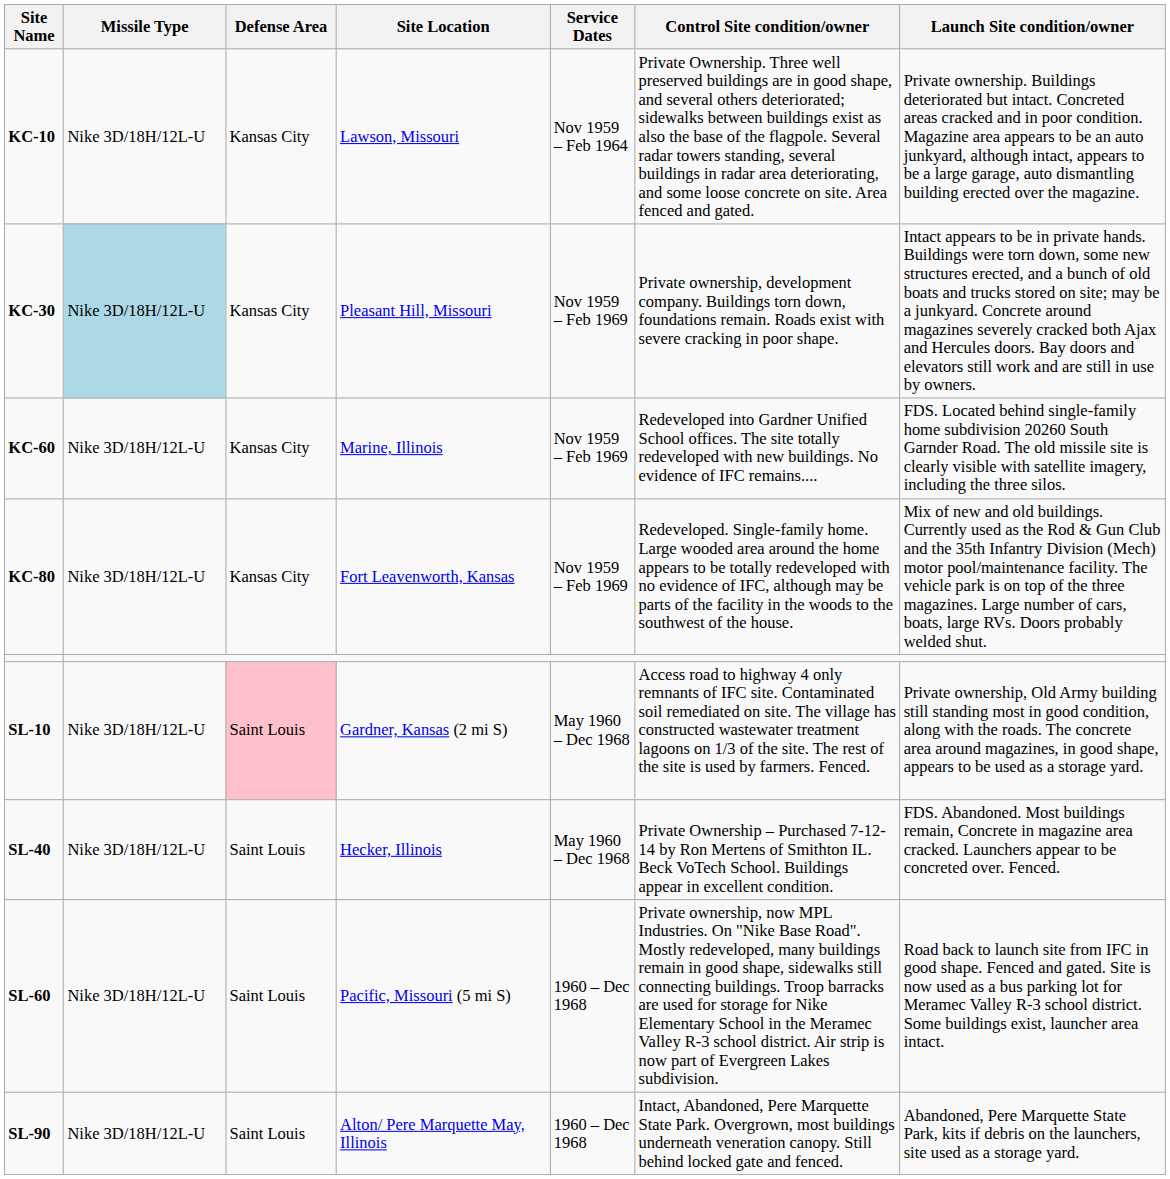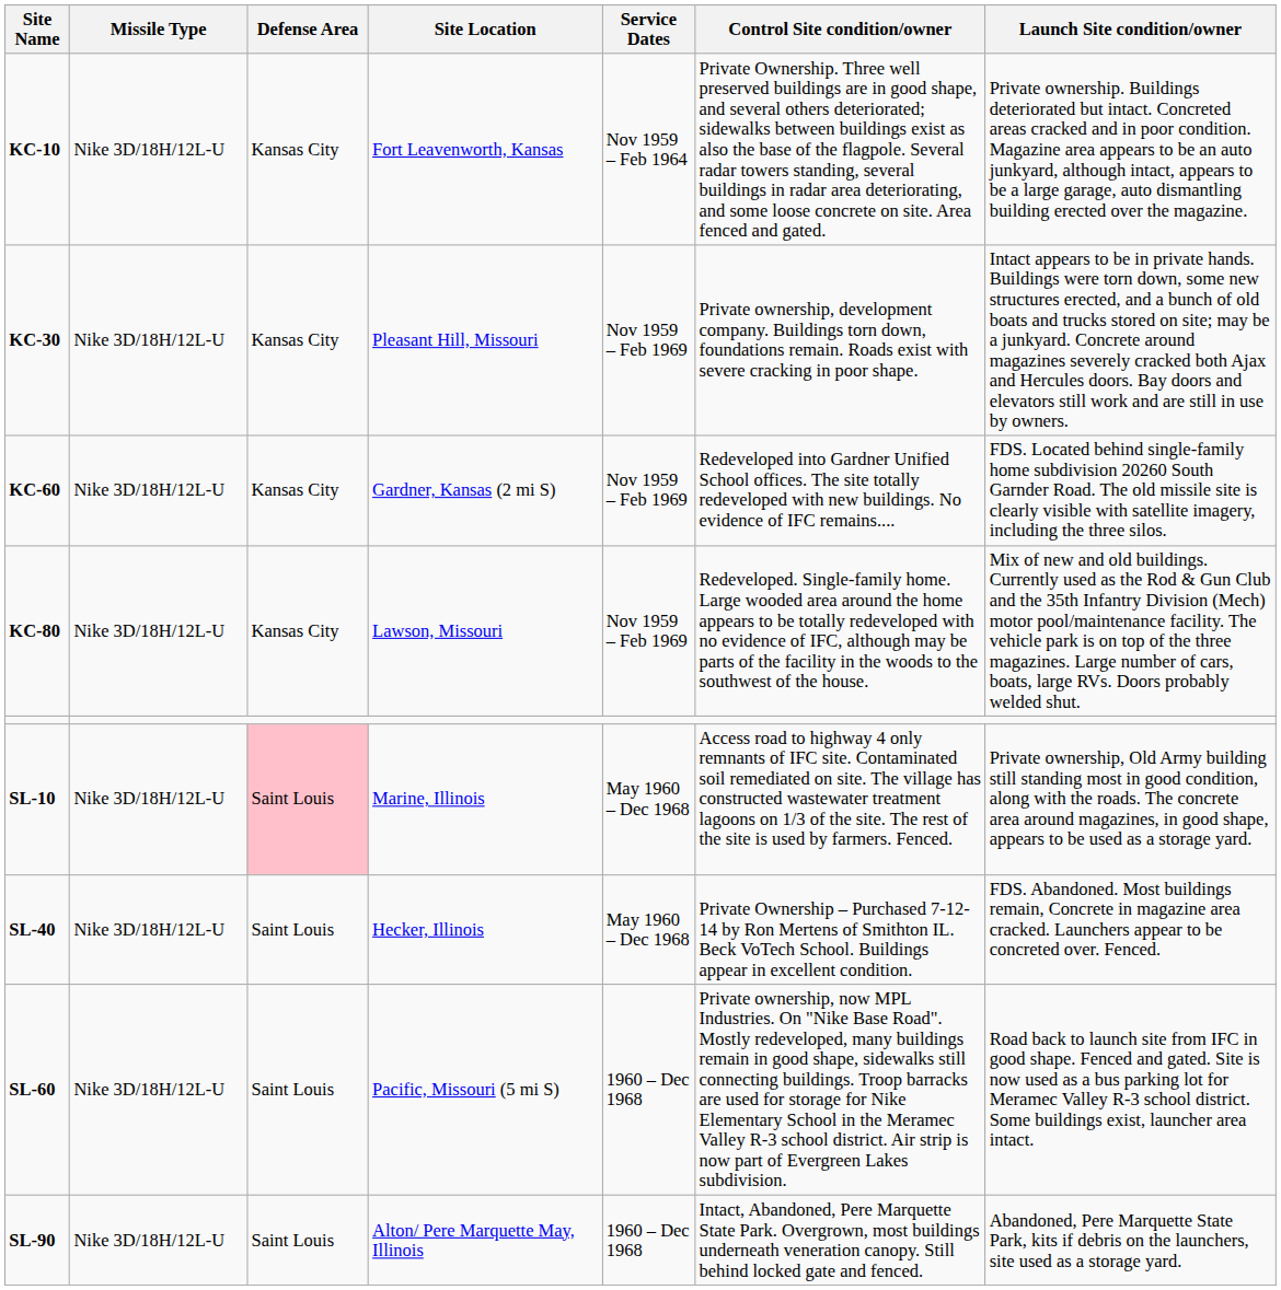 <table class="wikitable sortable">
 <tr>
 <th scope="col" style="width:50px;">Site Name</th>
 <th scope="col" style="width:150px;">Missile Type</th>
 <th scope="col" style="width:100px;">Defense Area</th>
 <th scope="col" style="width:200px;">Site Location</th>
 <th scope="col" style="width:75px;">Service Dates</th>
 <th scope="col" style="width:250px;">Control Site condition/owner</th>
 <th scope="col" style="width:250px;">Launch Site condition/owner</th>
 </tr>
 <tr>
 <td><strong>KC-10</strong></td>
 <td>Nike 3D/18H/12L-U</td>
 <td>Kansas City</td>
-<td><a href='#'>Lawson, Missouri</a></td>
+<td><a href='#'>Fort Leavenworth, Kansas</a></td>
 <td>Nov 1959 – Feb 1964</td>
 <td>Private Ownership. Three well preserved buildings are in good shape, and several others deteriorated; sidewalks between buildings exist as also the base of the flagpole. Several radar towers standing, several buildings in radar area deteriorating, and some loose concrete on site. Area fenced and gated.<br></td>
 <td>Private ownership. Buildings deteriorated but intact. Concreted areas cracked and in poor condition. Magazine area appears to be an auto junkyard, although intact, appears to be a large garage, auto dismantling building erected over the magazine.<br></td>
 </tr>
 <tr>
 <td><strong>KC-30</strong></td>
-<td style="background: lightblue;">Nike 3D/18H/12L-U</td>
+<td>Nike 3D/18H/12L-U</td>
 <td>Kansas City</td>
 <td><a href='#'>Pleasant Hill, Missouri</a></td>
 <td>Nov 1959 – Feb 1969</td>
 <td>Private ownership, development company. Buildings torn down, foundations remain. Roads exist with severe cracking in poor shape.<br></td>
 <td>Intact appears to be in private hands. Buildings were torn down, some new structures erected, and a bunch of old boats and trucks stored on site; may be a junkyard. Concrete around magazines severely cracked both Ajax and Hercules doors. Bay doors and elevators still work and are still in use by owners.  <br></td>
 </tr>
 <tr>
 <td><strong>KC-60</strong></td>
 <td>Nike 3D/18H/12L-U</td>
 <td>Kansas City</td>
-<td><a href='#'>Marine, Illinois</a></td>
+<td><a href='#'>Gardner, Kansas</a> (2 mi S)</td>
 <td>Nov 1959 – Feb 1969</td>
 <td>Redeveloped into Gardner Unified School offices. The site totally redeveloped with new buildings. No evidence of IFC remains.... <br></td>
 <td>FDS. Located behind single-family home subdivision 20260 South Garnder Road. The old missile site is clearly visible with satellite imagery, including the three silos. <br></td>
 </tr>
 <tr>
 <td><strong>KC-80</strong></td>
 <td>Nike 3D/18H/12L-U</td>
 <td>Kansas City</td>
-<td><a href='#'>Fort Leavenworth, Kansas</a></td>
+<td><a href='#'>Lawson, Missouri</a></td>
 <td>Nov 1959 – Feb 1969</td>
 <td>Redeveloped. Single-family home. Large wooded area around the home appears to be totally redeveloped with no evidence of IFC, although may be parts of the facility in the woods to the southwest of the house.<br></td>
 <td>Mix of new and old buildings. Currently used as the Rod & Gun Club and the 35th Infantry Division (Mech) motor pool/maintenance facility. The vehicle park is on top of the three magazines. Large number of cars, boats, large RVs. Doors probably welded shut.<br></td>
 </tr>
 <tr>
 <td></td>
 </tr>
 <tr>
 <td><strong>SL-10</strong></td>
 <td>Nike 3D/18H/12L-U</td>
 <td style="background: pink;">Saint Louis</td>
-<td><a href='#'>Gardner, Kansas</a> (2 mi S)</td>
+<td><a href='#'>Marine, Illinois</a></td>
 <td>May 1960 – Dec 1968</td>
 <td>Access road to highway 4 only remnants of IFC site. Contaminated soil remediated on site. The village has constructed wastewater treatment lagoons on 1/3 of the site. The rest of the site is used by farmers. Fenced.<br><br></td>
 <td>Private ownership, Old Army building still standing most in good condition, along with the roads. The concrete area around magazines, in good shape, appears to be used as a storage yard.<br></td>
 </tr>
 <tr>
 <td><strong>SL-40</strong></td>
 <td>Nike 3D/18H/12L-U</td>
 <td>Saint Louis</td>
 <td><a href='#'>Hecker, Illinois</a></td>
 <td>May 1960 – Dec 1968</td>
 <td><br>Private Ownership – Purchased 7-12-14 by Ron Mertens of Smithton IL. Beck VoTech School. Buildings appear in excellent condition.<br></td>
 <td>FDS. Abandoned. Most buildings remain, Concrete in magazine area cracked. Launchers appear to be concreted over. Fenced.<br><br></td>
 </tr>
 <tr>
 <td><strong>SL-60</strong></td>
 <td>Nike 3D/18H/12L-U</td>
 <td>Saint Louis</td>
 <td><a href='#'>Pacific, Missouri</a> (5 mi S)</td>
 <td>1960 – Dec 1968</td>
 <td>Private ownership, now MPL Industries. On "Nike Base Road". Mostly redeveloped, many buildings remain in good shape, sidewalks still connecting buildings. Troop barracks are used for storage for Nike Elementary School in the Meramec Valley R-3 school district. Air strip is now part of Evergreen Lakes subdivision.<br></td>
 <td>Road back to launch site from IFC in good shape. Fenced and gated. Site is now used as a bus parking lot for Meramec Valley R-3 school district. Some buildings exist, launcher area intact. <br></td>
 </tr>
 <tr>
 <td><strong>SL-90</strong></td>
 <td>Nike 3D/18H/12L-U</td>
 <td>Saint Louis</td>
 <td><a href='#'>Alton/ Pere Marquette May, Illinois</a></td>
 <td>1960 – Dec 1968</td>
 <td>Intact, Abandoned, Pere Marquette State Park. Overgrown, most buildings underneath veneration canopy. Still behind locked gate and fenced.<br></td>
 <td>Abandoned, Pere Marquette State Park, kits if debris on the launchers, site used as a storage yard.<br></td>
 </tr>
 </table>
